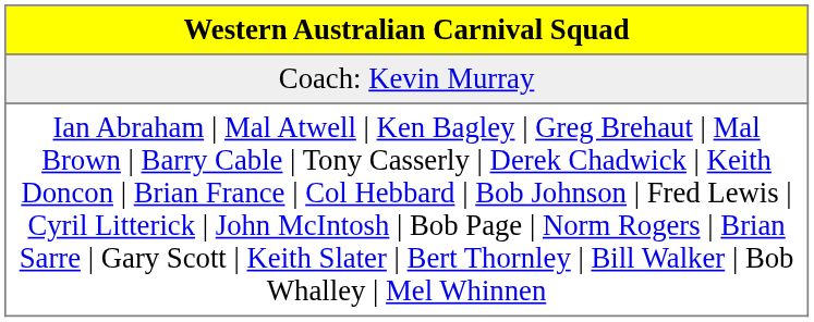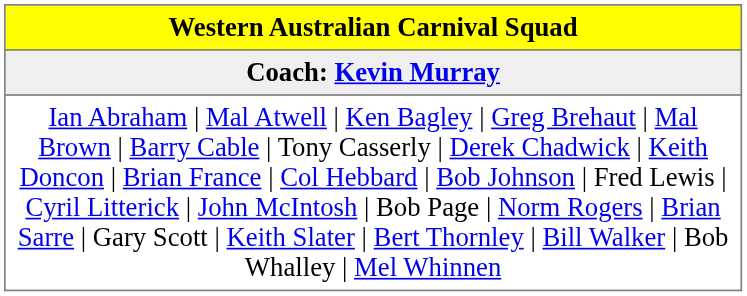 <table border="1" cellpadding="4" cellspacing="0" style="text-align:center; font-size:100%; border-collapse:collapse;" width=50%>
 <tr style="background:yellow;">
 <th colspan=2><span>Western Australian Carnival Squad</span></th>
 </tr>
 <tr bgcolor="#efefef">
-<td>Coach: <a href='#'>Kevin Murray</a></td>
+<td><strong>Coach: <a href='#'>Kevin Murray</a></strong></td>
 </tr>
 <tr>
 <td Captain: ><a href='#'>Ian Abraham</a> | <a href='#'>Mal Atwell</a> | <a href='#'>Ken Bagley</a> | <a href='#'>Greg Brehaut</a> | <a href='#'>Mal Brown</a> | <a href='#'>Barry Cable</a> | Tony Casserly | <a href='#'>Derek Chadwick</a> | <a href='#'>Keith Doncon</a> | <a href='#'>Brian France</a> | <a href='#'>Col Hebbard</a> | <a href='#'>Bob Johnson</a> | Fred Lewis | <a href='#'>Cyril Litterick</a> | <a href='#'>John McIntosh</a> | Bob Page | <a href='#'>Norm Rogers</a> | <a href='#'>Brian Sarre</a> | Gary Scott | <a href='#'>Keith Slater</a> | <a href='#'>Bert Thornley</a> | <a href='#'>Bill Walker</a> | Bob Whalley | <a href='#'>Mel Whinnen</a></td>
 </tr>
 </table>
